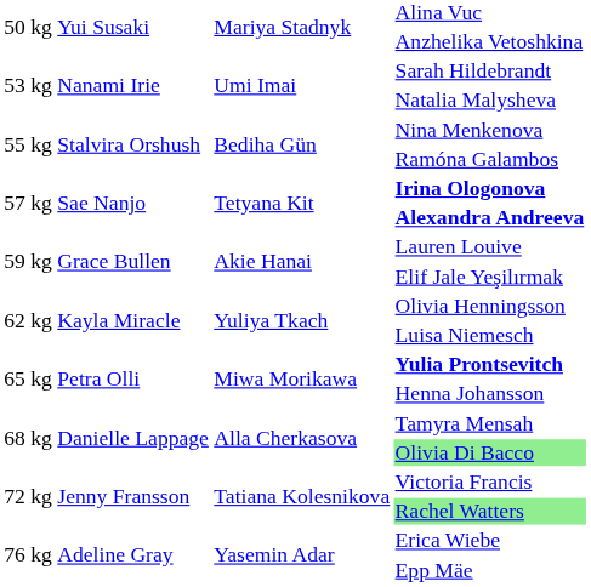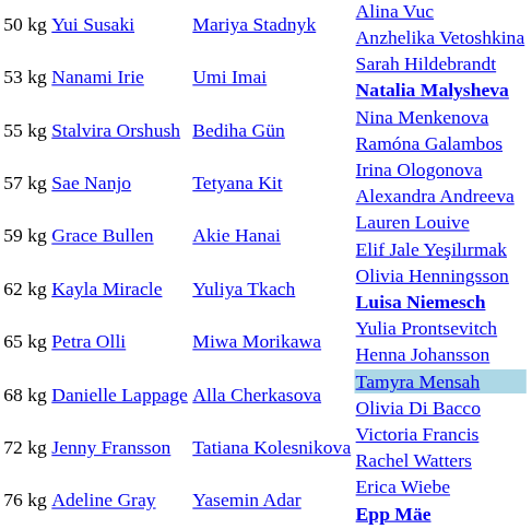 <table>
 <tr>
 <td rowspan=2>50 kg</td>
 <td rowspan=2> <a href='#'>Yui Susaki</a></td>
 <td rowspan=2> <a href='#'>Mariya Stadnyk</a></td>
 <td> <a href='#'>Alina Vuc</a></td>
 </tr>
 <tr>
 <td> <a href='#'>Anzhelika Vetoshkina</a></td>
 </tr>
 <tr>
 <td rowspan=2>53 kg</td>
 <td rowspan=2> <a href='#'>Nanami Irie</a></td>
 <td rowspan=2> <a href='#'>Umi Imai</a></td>
 <td> <a href='#'>Sarah Hildebrandt</a></td>
 </tr>
 <tr>
-<td> <a href='#'>Natalia Malysheva</a></td>
+<td><strong> <a href='#'>Natalia Malysheva</a></strong></td>
 </tr>
 <tr>
 <td rowspan=2>55 kg</td>
 <td rowspan=2> <a href='#'>Stalvira Orshush</a></td>
 <td rowspan=2> <a href='#'>Bediha Gün</a></td>
 <td> <a href='#'>Nina Menkenova</a></td>
 </tr>
 <tr>
 <td> <a href='#'>Ramóna Galambos</a></td>
 </tr>
 <tr>
 <td rowspan=2>57 kg</td>
 <td rowspan=2> <a href='#'>Sae Nanjo</a></td>
 <td rowspan=2> <a href='#'>Tetyana Kit</a></td>
-<td><strong> <a href='#'>Irina Ologonova</a></strong></td>
+<td> <a href='#'>Irina Ologonova</a></td>
 </tr>
 <tr>
-<td><strong> <a href='#'>Alexandra Andreeva</a></strong></td>
+<td> <a href='#'>Alexandra Andreeva</a></td>
 </tr>
 <tr>
 <td rowspan=2>59 kg</td>
 <td rowspan=2> <a href='#'>Grace Bullen</a></td>
 <td rowspan=2> <a href='#'>Akie Hanai</a></td>
 <td> <a href='#'>Lauren Louive</a></td>
 </tr>
 <tr>
 <td> <a href='#'>Elif Jale Yeşilırmak</a></td>
 </tr>
 <tr>
 <td rowspan=2>62 kg</td>
 <td rowspan=2> <a href='#'>Kayla Miracle</a></td>
 <td rowspan=2> <a href='#'>Yuliya Tkach</a></td>
 <td> <a href='#'>Olivia Henningsson</a></td>
 </tr>
 <tr>
-<td> <a href='#'>Luisa Niemesch</a></td>
+<td><strong> <a href='#'>Luisa Niemesch</a></strong></td>
 </tr>
 <tr>
 <td rowspan=2>65 kg</td>
 <td rowspan=2> <a href='#'>Petra Olli</a></td>
 <td rowspan=2> <a href='#'>Miwa Morikawa</a></td>
-<td><strong> <a href='#'>Yulia Prontsevitch</a></strong></td>
+<td> <a href='#'>Yulia Prontsevitch</a></td>
 </tr>
 <tr>
 <td> <a href='#'>Henna Johansson</a></td>
 </tr>
 <tr>
 <td rowspan=2>68 kg</td>
 <td rowspan=2> <a href='#'>Danielle Lappage</a></td>
 <td rowspan=2> <a href='#'>Alla Cherkasova</a></td>
-<td> <a href='#'>Tamyra Mensah</a></td>
+<td style="background: lightblue;"> <a href='#'>Tamyra Mensah</a></td>
 </tr>
 <tr>
-<td style="background: lightgreen;"> <a href='#'>Olivia Di Bacco</a></td>
+<td> <a href='#'>Olivia Di Bacco</a></td>
 </tr>
 <tr>
 <td rowspan=2>72 kg</td>
 <td rowspan=2> <a href='#'>Jenny Fransson</a></td>
 <td rowspan=2> <a href='#'>Tatiana Kolesnikova</a></td>
 <td> <a href='#'>Victoria Francis</a></td>
 </tr>
 <tr>
-<td style="background: lightgreen;"> <a href='#'>Rachel Watters</a></td>
+<td> <a href='#'>Rachel Watters</a></td>
 </tr>
 <tr>
 <td rowspan=2>76 kg</td>
 <td rowspan=2> <a href='#'>Adeline Gray</a></td>
 <td rowspan=2> <a href='#'>Yasemin Adar</a></td>
 <td> <a href='#'>Erica Wiebe</a></td>
 </tr>
 <tr>
-<td> <a href='#'>Epp Mäe</a></td>
+<td><strong> <a href='#'>Epp Mäe</a></strong></td>
 </tr>
 </table>
